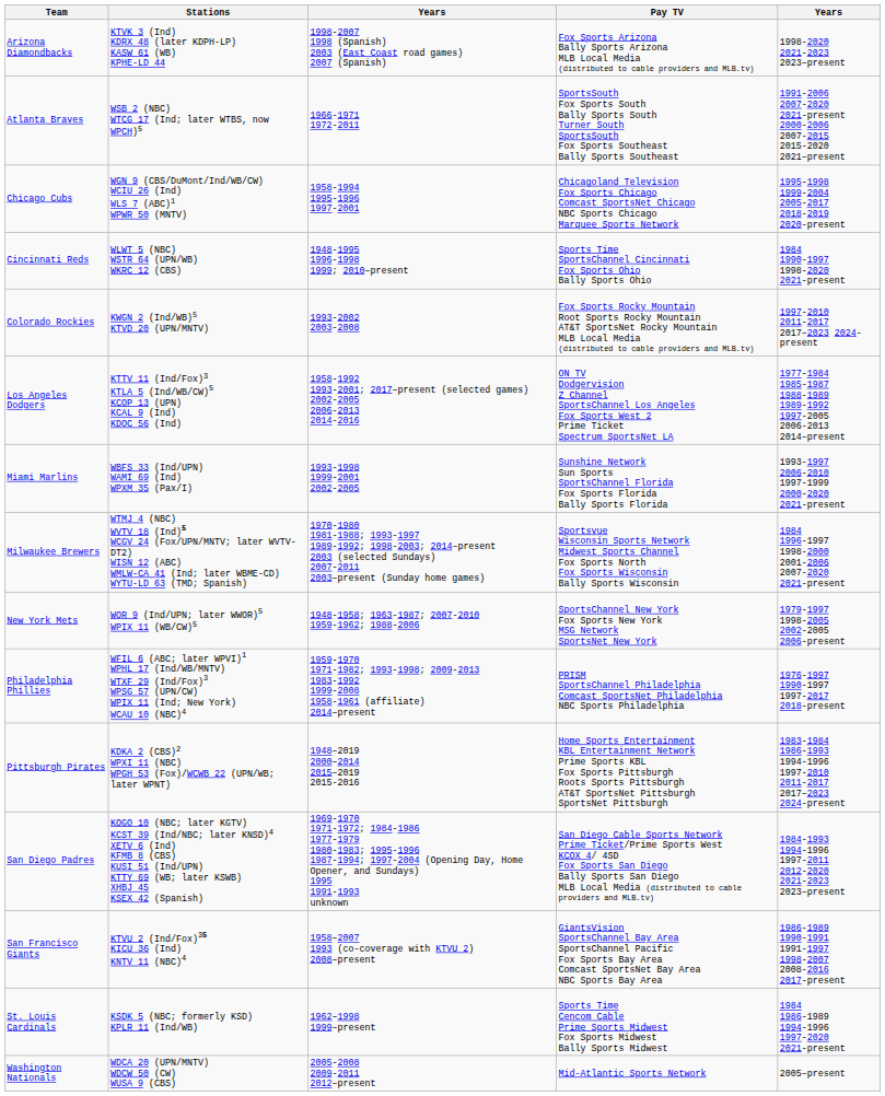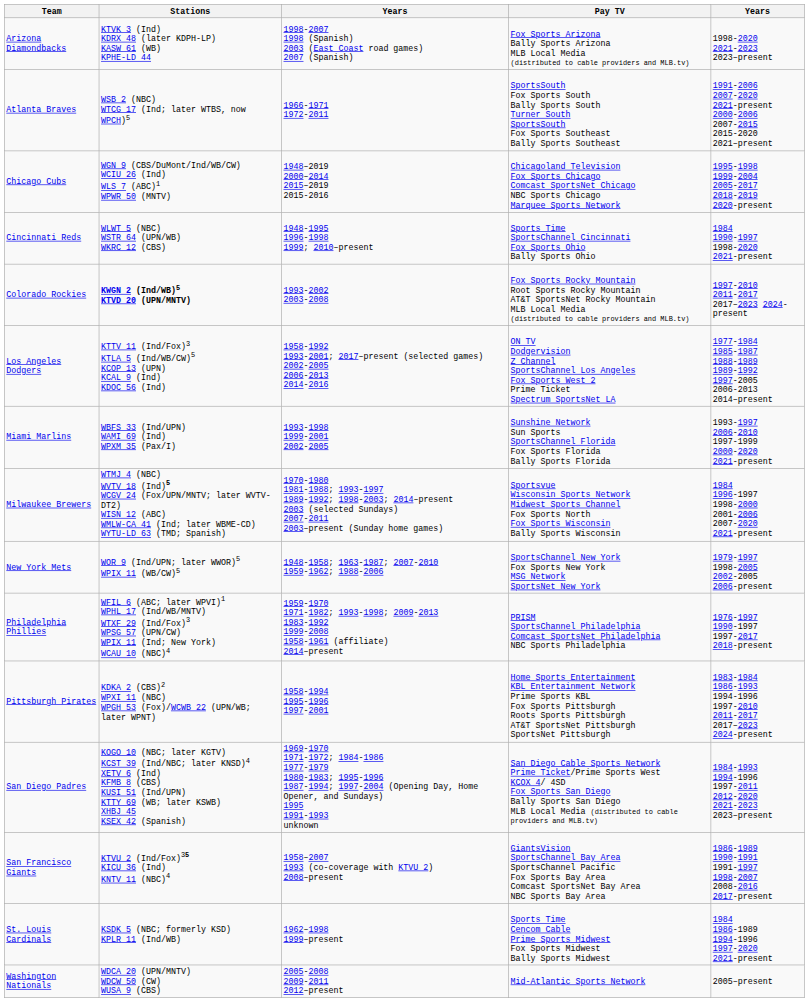 <table class="wikitable">
 <tr>
 <th>Team</th>
 <th>Stations</th>
 <th>Years</th>
 <th>Pay TV</th>
 <th>Years</th>
 </tr>
 <tr>
 <td><a href='#'>Arizona Diamondbacks</a></td>
 <td><a href='#'>KTVK 3</a> (Ind)<br><a href='#'>KDRX 48</a> (later KDPH-LP)<br><a href='#'>KASW 61</a> (WB)<br><a href='#'>KPHE-LD 44</a></td>
 <td><a href='#'>1998</a>-<a href='#'>2007</a><br><a href='#'>1998</a> (Spanish)<br><a href='#'>2003</a> (<a href='#'>East Coast</a> road games)<br><a href='#'>2007</a> (Spanish)</td>
 <td><br><a href='#'>Fox Sports Arizona</a><br> Bally Sports Arizona<br> MLB Local Media<br><small>(distributed to cable providers and MLB.tv)</small></td>
 <td><br>1998-<a href='#'>2020</a><br> <a href='#'>2021</a>-<a href='#'>2023</a><br> 2023–present</td>
 </tr>
 <tr>
 <td><a href='#'>Atlanta Braves</a></td>
 <td><a href='#'>WSB 2</a> (NBC)<br><a href='#'>WTCG 17</a> (Ind; later WTBS, now <a href='#'>WPCH</a>)<sup>5</sup></td>
 <td><a href='#'>1966</a>-<a href='#'>1971</a><br><a href='#'>1972</a>-<a href='#'>2011</a></td>
 <td><br><a href='#'>SportsSouth</a><br> Fox Sports South<br> Bally Sports South<br> <a href='#'>Turner South</a><br> <a href='#'>SportsSouth</a><br> Fox Sports Southeast<br> Bally Sports Southeast</td>
 <td><br><a href='#'>1991</a>-<a href='#'>2006</a><br> <a href='#'>2007</a>-<a href='#'>2020</a><br> <a href='#'>2021</a>-present<br> <a href='#'>2000</a>-<a href='#'>2006</a><br> 2007-<a href='#'>2015</a><br> 2015-2020<br> 2021–present</td>
 </tr>
 <tr>
 <td><a href='#'>Chicago Cubs</a></td>
 <td><a href='#'>WGN 9</a> (CBS/DuMont/Ind/WB/CW)<br><a href='#'>WCIU 26</a> (Ind)<br><a href='#'>WLS 7</a> (ABC)<sup>1</sup><br><a href='#'>WPWR 50</a> (MNTV)</td>
-<td><a href='#'>1958</a>-<a href='#'>1994</a><br><a href='#'>1995</a>-<a href='#'>1996</a><br><a href='#'>1997</a>-<a href='#'>2001</a></td>
+<td><a href='#'>1948</a>–2019<br><a href='#'>2000</a>–<a href='#'>2014</a><br><a href='#'>2015</a>–2019<br>2015-2016</td>
 <td><br><a href='#'>Chicagoland Television</a><br> <a href='#'>Fox Sports Chicago</a><br> <a href='#'>Comcast SportsNet Chicago</a><br> NBC Sports Chicago<br> <a href='#'>Marquee Sports Network</a></td>
 <td><br><a href='#'>1995</a>-<a href='#'>1998</a><br> <a href='#'>1999</a>-<a href='#'>2004</a><br> <a href='#'>2005</a>-<a href='#'>2017</a><br> <a href='#'>2018</a>-<a href='#'>2019</a><br> <a href='#'>2020</a>-present</td>
 </tr>
 <tr>
 <td><a href='#'>Cincinnati Reds</a></td>
 <td><a href='#'>WLWT 5</a> (NBC)<br><a href='#'>WSTR 64</a> (UPN/WB)<br><a href='#'>WKRC 12</a> (CBS)</td>
 <td><a href='#'>1948</a>-<a href='#'>1995</a><br><a href='#'>1996</a>-<a href='#'>1998</a><br><a href='#'>1999</a>; <a href='#'>2010</a>–present</td>
 <td><br><a href='#'>Sports Time</a><br> <a href='#'>SportsChannel Cincinnati</a><br> <a href='#'>Fox Sports Ohio</a><br> Bally Sports Ohio</td>
 <td><br><a href='#'>1984</a><br> <a href='#'>1990</a>-<a href='#'>1997</a><br> 1998-<a href='#'>2020</a><br> <a href='#'>2021</a>-present</td>
 </tr>
 <tr>
 <td><a href='#'>Colorado Rockies</a></td>
-<td><a href='#'>KWGN 2</a> (Ind/WB)<sup>5</sup><br><a href='#'>KTVD 20</a> (UPN/MNTV)</td>
+<td><strong><a href='#'>KWGN 2</a> (Ind/WB)<sup>5</sup><br><a href='#'>KTVD 20</a> (UPN/MNTV)</strong></td>
 <td><a href='#'>1993</a>-<a href='#'>2002</a><br><a href='#'>2003</a>-<a href='#'>2008</a></td>
 <td><br><a href='#'>Fox Sports Rocky Mountain</a><br> Root Sports Rocky Mountain<br> AT&T SportsNet Rocky Mountain<br> MLB Local Media <br><small>(distributed to cable providers and MLB.tv)</small></td>
 <td><br><a href='#'>1997</a>-<a href='#'>2010</a><br> <a href='#'>2011</a>-<a href='#'>2017</a><br> 2017–<a href='#'>2023</a> <a href='#'>2024</a>-present</td>
 </tr>
 <tr>
 <td><a href='#'>Los Angeles Dodgers</a></td>
 <td><a href='#'>KTTV 11</a> (Ind/Fox)<sup>3</sup><br><a href='#'>KTLA 5</a> (Ind/WB/CW)<sup>5</sup><br><a href='#'>KCOP 13</a> (UPN)<br><a href='#'>KCAL 9</a> (Ind)<br><a href='#'>KDOC 56</a> (Ind)</td>
 <td><a href='#'>1958</a>-<a href='#'>1992</a><br><a href='#'>1993</a>-<a href='#'>2001</a>; <a href='#'>2017</a>–present (selected games)<br><a href='#'>2002</a>-<a href='#'>2005</a><br><a href='#'>2006</a>-<a href='#'>2013</a><br><a href='#'>2014</a>-<a href='#'>2016</a></td>
 <td><br><a href='#'>ON TV</a><br> <a href='#'>Dodgervision</a><br> <a href='#'>Z Channel</a><br> <a href='#'>SportsChannel Los Angeles</a><br> <a href='#'>Fox Sports West 2</a><br> Prime Ticket<br> <a href='#'>Spectrum SportsNet LA</a></td>
 <td><br><a href='#'>1977</a>-<a href='#'>1984</a><br> <a href='#'>1985</a>-<a href='#'>1987</a><br> <a href='#'>1988</a>-<a href='#'>1989</a><br> <a href='#'>1989</a>-<a href='#'>1992</a><br> <a href='#'>1997</a>-2005<br> 2006-2013<br> 2014–present</td>
 </tr>
 <tr>
 <td><a href='#'>Miami Marlins</a></td>
 <td><a href='#'>WBFS 33</a> (Ind/UPN)<br><a href='#'>WAMI 69</a> (Ind)<br><a href='#'>WPXM 35</a> (Pax/I)</td>
 <td><a href='#'>1993</a>-<a href='#'>1998</a><br><a href='#'>1999</a>-<a href='#'>2001</a><br><a href='#'>2002</a>-<a href='#'>2005</a></td>
 <td><br><a href='#'>Sunshine Network</a><br> Sun Sports<br> <a href='#'>SportsChannel Florida</a><br> Fox Sports Florida<br> Bally Sports Florida</td>
 <td><br>1993-<a href='#'>1997</a><br> <a href='#'>2006</a>-<a href='#'>2010</a><br> 1997-1999<br> <a href='#'>2000</a>-<a href='#'>2020</a><br> <a href='#'>2021</a>-present</td>
 </tr>
 <tr>
 <td><a href='#'>Milwaukee Brewers</a></td>
 <td><a href='#'>WTMJ 4</a> (NBC)<br><a href='#'>WVTV 18</a> (Ind)<sup><strong>5</strong></sup><br><a href='#'>WCGV 24</a> (Fox/UPN/MNTV; later WVTV-DT2)<br><a href='#'>WISN 12</a> (ABC)<br><a href='#'>WMLW-CA 41</a> (Ind; later WBME-CD)<br><a href='#'>WYTU-LD 63</a> (TMD; Spanish)</td>
 <td><a href='#'>1970</a>-<a href='#'>1980</a><br><a href='#'>1981</a>-<a href='#'>1988</a>; <a href='#'>1993</a>-<a href='#'>1997</a><br><a href='#'>1989</a>-<a href='#'>1992</a>; <a href='#'>1998</a>-<a href='#'>2003</a>; <a href='#'>2014</a>–present<br><a href='#'>2003</a> (selected Sundays)<br><a href='#'>2007</a>-<a href='#'>2011</a><br><a href='#'>2003</a>–present (Sunday home games)</td>
 <td><br><a href='#'>Sportsvue</a><br> <a href='#'>Wisconsin Sports Network</a><br> <a href='#'>Midwest Sports Channel</a><br> Fox Sports North<br> <a href='#'>Fox Sports Wisconsin</a><br> Bally Sports Wisconsin</td>
 <td><br><a href='#'>1984</a><br> <a href='#'>1996</a>-1997<br> 1998-<a href='#'>2000</a><br> 2001-<a href='#'>2006</a><br> 2007-<a href='#'>2020</a><br> <a href='#'>2021</a>-present</td>
 </tr>
 <tr>
 <td><a href='#'>New York Mets</a></td>
 <td><a href='#'>WOR 9</a> (Ind/UPN; later WWOR)<sup>5</sup><br><a href='#'>WPIX 11</a> (WB/CW)<sup>5</sup></td>
 <td><a href='#'>1948</a>-<a href='#'>1958</a>; <a href='#'>1963</a>-<a href='#'>1987</a>; <a href='#'>2007</a>-<a href='#'>2010</a><br><a href='#'>1959</a>-<a href='#'>1962</a>; <a href='#'>1988</a>-<a href='#'>2006</a></td>
 <td><br><a href='#'>SportsChannel New York</a><br> Fox Sports New York<br> <a href='#'>MSG Network</a><br> <a href='#'>SportsNet New York</a></td>
 <td><br><a href='#'>1979</a>-<a href='#'>1997</a><br> 1998-<a href='#'>2005</a><br> <a href='#'>2002</a>-2005<br> <a href='#'>2006</a>-present</td>
 </tr>
 <tr>
 <td><a href='#'>Philadelphia Phillies</a></td>
 <td><a href='#'>WFIL 6</a> (ABC; later WPVI)<sup>1</sup><br><a href='#'>WPHL 17</a> (Ind/WB/MNTV)<br><a href='#'>WTXF 29</a> (Ind/Fox)<sup>3</sup><br><a href='#'>WPSG 57</a> (UPN/CW)<br><a href='#'>WPIX 11</a> (Ind; New York)<br><a href='#'>WCAU 10</a> (NBC)<sup>4</sup></td>
 <td><a href='#'>1959</a>-<a href='#'>1970</a><br><a href='#'>1971</a>-<a href='#'>1982</a>; <a href='#'>1993</a>-<a href='#'>1998</a>; <a href='#'>2009</a>-<a href='#'>2013</a><br><a href='#'>1983</a>-<a href='#'>1992</a><br><a href='#'>1999</a>-<a href='#'>2008</a><br><a href='#'>1958</a>-<a href='#'>1961</a> (affiliate)<br><a href='#'>2014</a>–present</td>
 <td><br><a href='#'>PRISM</a><br> <a href='#'>SportsChannel Philadelphia</a><br> <a href='#'>Comcast SportsNet Philadelphia</a><br> NBC Sports Philadelphia</td>
 <td><br><a href='#'>1976</a>-<a href='#'>1997</a><br> <a href='#'>1990</a>-1997<br> 1997-<a href='#'>2017</a><br> <a href='#'>2018</a>-present</td>
 </tr>
 <tr>
 <td><a href='#'>Pittsburgh Pirates</a></td>
 <td><a href='#'>KDKA 2</a> (CBS)<sup>2</sup><br><a href='#'>WPXI 11</a> (NBC)<br><a href='#'>WPGH 53</a> (Fox)/<a href='#'>WCWB 22</a> (UPN/WB; later WPNT)</td>
-<td><a href='#'>1948</a>–2019<br><a href='#'>2000</a>–<a href='#'>2014</a><br><a href='#'>2015</a>–2019<br>2015-2016</td>
+<td><a href='#'>1958</a>-<a href='#'>1994</a><br><a href='#'>1995</a>-<a href='#'>1996</a><br><a href='#'>1997</a>-<a href='#'>2001</a></td>
 <td><br><a href='#'>Home Sports Entertainment</a><br> <a href='#'>KBL Entertainment Network</a><br> Prime Sports KBL<br> Fox Sports Pittsburgh<br> Roots Sports Pittsburgh<br> AT&T SportsNet Pittsburgh<br> SportsNet Pittsburgh</td>
 <td><br><a href='#'>1983</a>-<a href='#'>1984</a><br> <a href='#'>1986</a>-<a href='#'>1993</a><br> 1994-1996<br> 1997-<a href='#'>2010</a><br> <a href='#'>2011</a>-<a href='#'>2017</a><br> 2017–<a href='#'>2023</a><br> <a href='#'>2024</a>-present</td>
 </tr>
 <tr>
 <td><a href='#'>San Diego Padres</a></td>
 <td><a href='#'>KOGO 10</a> (NBC; later KGTV)<br><a href='#'>KCST 39</a> (Ind/NBC; later KNSD)<sup>4</sup><br><a href='#'>XETV 6</a> (Ind)<br><a href='#'>KFMB 8</a> (CBS)<br><a href='#'>KUSI 51</a> (Ind/UPN)<br><a href='#'>KTTY 69</a> (WB; later KSWB)<br><a href='#'>XHBJ 45</a><br><a href='#'>KSEX 42</a> (Spanish)</td>
 <td><a href='#'>1969</a>-<a href='#'>1970</a><br><a href='#'>1971</a>-<a href='#'>1972</a>; <a href='#'>1984</a>-<a href='#'>1986</a><br><a href='#'>1977</a>-<a href='#'>1979</a><br><a href='#'>1980</a>-<a href='#'>1983</a>; <a href='#'>1995</a>-<a href='#'>1996</a><br><a href='#'>1987</a>-<a href='#'>1994</a>; <a href='#'>1997</a>-<a href='#'>2004</a> (Opening Day, Home Opener, and Sundays)<br><a href='#'>1995</a><br><a href='#'>1991</a>-<a href='#'>1993</a><br>unknown</td>
 <td><br><a href='#'>San Diego Cable Sports Network</a><br> <a href='#'>Prime Ticket</a>/Prime Sports West<br> <a href='#'>KCOX 4</a>/ 4SD<br> <a href='#'>Fox Sports San Diego</a><br> Bally Sports San Diego<br> MLB Local Media <small>(distributed to cable providers and MLB.tv)</small></td>
 <td><br><a href='#'>1984</a>-<a href='#'>1993</a><br> <a href='#'>1994</a>-1996<br> 1997-<a href='#'>2011</a><br> <a href='#'>2012</a>-<a href='#'>2020</a><br> <a href='#'>2021</a>-<a href='#'>2023</a><br> 2023–present</td>
 </tr>
 <tr>
 <td><a href='#'>San Francisco Giants</a></td>
 <td><a href='#'>KTVU 2</a> (Ind/Fox)<sup>3<strong>5</strong></sup><br><a href='#'>KICU 36</a> (Ind)<br><a href='#'>KNTV 11</a> (NBC)<sup>4</sup></td>
 <td><a href='#'>1958</a>–<a href='#'>2007</a><br><a href='#'>1993</a> (co-coverage with <a href='#'>KTVU 2</a>)<br><a href='#'>2008</a>–present</td>
 <td><br><a href='#'>GiantsVision</a><br> <a href='#'>SportsChannel Bay Area</a><br> SportsChannel Pacific<br> Fox Sports Bay Area<br> Comcast SportsNet Bay Area<br> NBC Sports Bay Area</td>
 <td><br><a href='#'>1986</a>-<a href='#'>1989</a><br> <a href='#'>1990</a>-<a href='#'>1991</a><br> 1991-<a href='#'>1997</a><br> <a href='#'>1998</a>-<a href='#'>2007</a><br> 2008-<a href='#'>2016</a><br> <a href='#'>2017</a>-present</td>
 </tr>
 <tr>
 <td><a href='#'>St. Louis Cardinals</a></td>
 <td><a href='#'>KSDK 5</a> (NBC; formerly KSD)<br><a href='#'>KPLR 11</a> (Ind/WB)</td>
 <td><a href='#'>1962</a>–<a href='#'>1998</a><br><a href='#'>1999</a>–present</td>
 <td><br><a href='#'>Sports Time</a><br> <a href='#'>Cencom Cable</a><br> <a href='#'>Prime Sports Midwest</a><br> Fox Sports Midwest<br> Bally Sports Midwest</td>
 <td><br><a href='#'>1984</a><br> <a href='#'>1986</a>-1989<br> <a href='#'>1994</a>-1996<br> <a href='#'>1997</a>-<a href='#'>2020</a><br> <a href='#'>2021</a>-present</td>
 </tr>
 <tr>
 <td><a href='#'>Washington Nationals</a></td>
 <td><a href='#'>WDCA 20</a> (UPN/MNTV)<br><a href='#'>WDCW 50</a> (CW)<br><a href='#'>WUSA 9</a> (CBS)</td>
 <td><a href='#'>2005</a>-<a href='#'>2008</a><br><a href='#'>2009</a>-<a href='#'>2011</a><br><a href='#'>2012</a>–present</td>
 <td><a href='#'>Mid-Atlantic Sports Network</a></td>
 <td>2005–present</td>
 </tr>
 </table>
